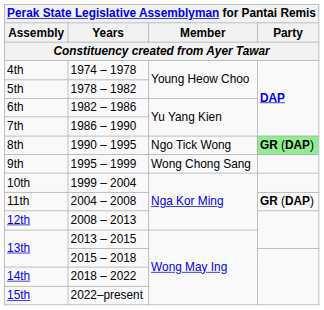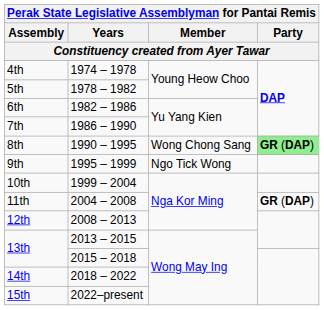 <table class="wikitable">
 <tr>
 <th colspan="4"><a href='#'>Perak State Legislative Assemblyman</a> for Pantai Remis</th>
 </tr>
 <tr>
 <th>Assembly</th>
 <th>Years</th>
 <th>Member</th>
 <th>Party</th>
 </tr>
 <tr>
 <th colspan="4" align="center"><em>Constituency created from Ayer Tawar</em></th>
 </tr>
 <tr>
 <td>4th</td>
 <td>1974 – 1978</td>
 <td rowspan=2>Young Heow Choo</td>
 <td rowspan=4><strong><a href='#'>DAP</a></strong></td>
 </tr>
 <tr>
 <td>5th</td>
 <td>1978 – 1982</td>
 </tr>
 <tr>
 <td>6th</td>
 <td>1982 – 1986</td>
 <td rowspan="2">Yu Yang Kien</td>
 </tr>
 <tr>
 <td>7th</td>
 <td>1986 – 1990</td>
 </tr>
 <tr>
 <td>8th</td>
 <td>1990 – 1995</td>
-<td>Ngo Tick Wong</td>
+<td>Wong Chong Sang</td>
 <td style="background: lightgreen;"><strong>GR</strong> (<strong>DAP</strong>)</td>
 </tr>
 <tr>
 <td>9th</td>
 <td>1995 – 1999</td>
-<td>Wong Chong Sang</td>
+<td>Ngo Tick Wong</td>
 <td></td>
 </tr>
 <tr>
 <td>10th</td>
 <td>1999 – 2004</td>
 <td rowspan=3><a href='#'>Nga Kor Ming</a></td>
 <td></td>
 </tr>
 <tr>
 <td>11th</td>
 <td>2004 – 2008</td>
 <td><strong>GR</strong> (<strong>DAP</strong>)</td>
 </tr>
 <tr>
 <td><a href='#'>12th</a></td>
 <td>2008 – 2013</td>
 <td rowspan=2></td>
 </tr>
 <tr>
 <td rowspan=2><a href='#'>13th</a></td>
 <td>2013 – 2015</td>
 <td rowspan=4><a href='#'>Wong May Ing</a></td>
 </tr>
 <tr>
 <td>2015 – 2018</td>
 <td rowspan=3></td>
 </tr>
 <tr>
 <td><a href='#'>14th</a></td>
 <td>2018 – 2022</td>
 </tr>
 <tr>
 <td><a href='#'>15th</a></td>
 <td>2022–present</td>
 </tr>
 </table>
